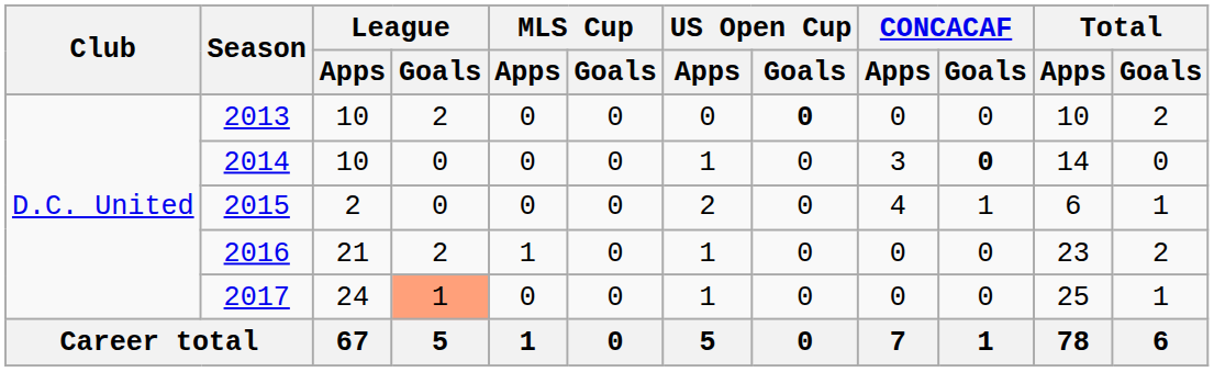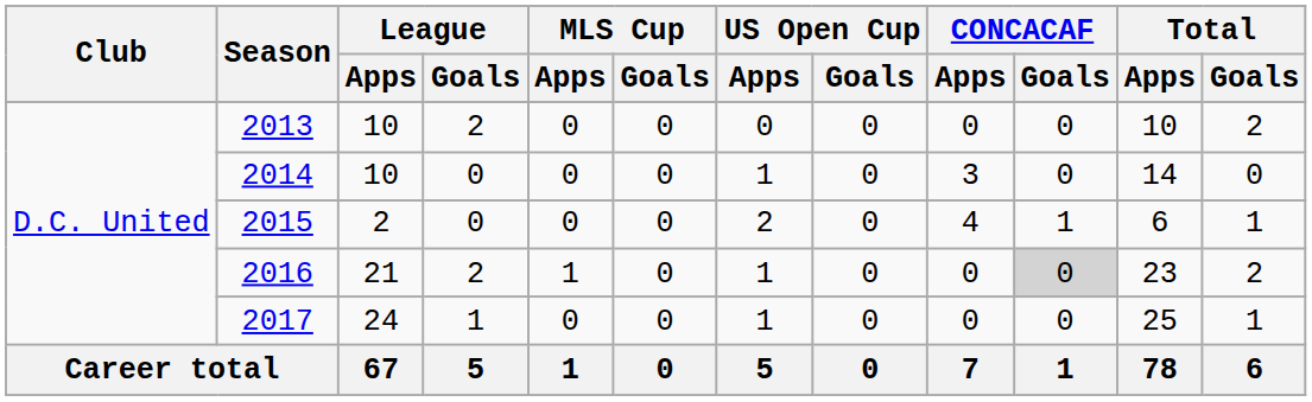 <table class="wikitable" style="text-align: center;">
 <tr>
 <th rowspan="2">Club</th>
 <th rowspan="2">Season</th>
 <th colspan="2">League</th>
 <th colspan="2">MLS Cup</th>
 <th colspan="2">US Open Cup</th>
 <th colspan="2"><a href='#'>CONCACAF</a></th>
 <th colspan="2">Total</th>
 </tr>
 <tr>
 <th>Apps</th>
 <th>Goals</th>
 <th>Apps</th>
 <th>Goals</th>
 <th>Apps</th>
 <th>Goals</th>
 <th>Apps</th>
 <th>Goals</th>
 <th>Apps</th>
 <th>Goals</th>
 </tr>
 <tr>
 <td rowspan="5"><a href='#'>D.C. United</a></td>
 <td><a href='#'>2013</a></td>
 <td>10</td>
 <td>2</td>
 <td>0</td>
 <td>0</td>
 <td>0</td>
-<td><strong>0</strong></td>
+<td>0</td>
 <td>0</td>
 <td>0</td>
 <td>10</td>
 <td>2</td>
 </tr>
 <tr>
 <td><a href='#'>2014</a></td>
 <td>10</td>
 <td>0</td>
 <td>0</td>
 <td>0</td>
 <td>1</td>
 <td>0</td>
 <td>3</td>
-<td><strong>0</strong></td>
+<td>0</td>
 <td>14</td>
 <td>0</td>
 </tr>
 <tr>
 <td><a href='#'>2015</a></td>
 <td>2</td>
 <td>0</td>
 <td>0</td>
 <td>0</td>
 <td>2</td>
 <td>0</td>
 <td>4</td>
 <td>1</td>
 <td>6</td>
 <td>1</td>
 </tr>
 <tr>
 <td><a href='#'>2016</a></td>
 <td>21</td>
 <td>2</td>
 <td>1</td>
 <td>0</td>
 <td>1</td>
 <td>0</td>
 <td>0</td>
-<td>0</td>
+<td style="background: lightgrey;">0</td>
 <td>23</td>
 <td>2</td>
 </tr>
 <tr>
 <td><a href='#'>2017</a></td>
 <td>24</td>
-<td style="background: lightsalmon;">1</td>
+<td>1</td>
 <td>0</td>
 <td>0</td>
 <td>1</td>
 <td>0</td>
 <td>0</td>
 <td>0</td>
 <td>25</td>
 <td>1</td>
 </tr>
 <tr>
 <th colspan="2">Career total</th>
 <th>67</th>
 <th>5</th>
 <th>1</th>
 <th>0</th>
 <th>5</th>
 <th>0</th>
 <th>7</th>
 <th>1</th>
 <th>78</th>
 <th>6</th>
 </tr>
 </table>
